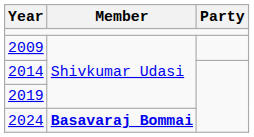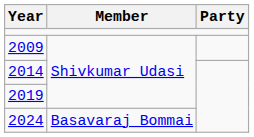 <table class="wikitable sortable">
 <tr>
 <th>Year</th>
 <th>Member</th>
 <th colspan="2">Party</th>
 </tr>
 <tr>
 <td colspan="4"></td>
 </tr>
 <tr>
 <td><a href='#'>2009</a></td>
 <td rowspan="3"><a href='#'>Shivkumar Udasi</a></td>
 <td></td>
 </tr>
 <tr>
 <td><a href='#'>2014</a></td>
 </tr>
 <tr>
 <td><a href='#'>2019</a></td>
 </tr>
 <tr>
 <td><a href='#'>2024</a></td>
-<td><strong><a href='#'>Basavaraj Bommai</a></strong></td>
+<td><a href='#'>Basavaraj Bommai</a></td>
 </tr>
 </table>
